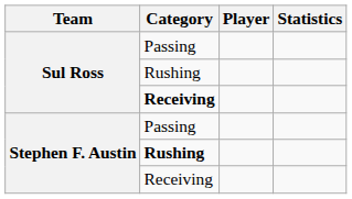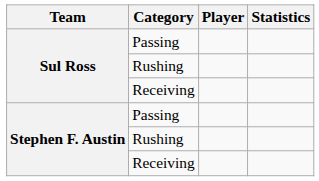 <table class="wikitable" style="float:right">
 <tr>
 <th>Team</th>
 <th>Category</th>
 <th>Player</th>
 <th>Statistics</th>
 </tr>
 <tr>
 <th rowspan=3>Sul Ross</th>
 <td>Passing</td>
 <td></td>
 <td></td>
 </tr>
 <tr>
 <td>Rushing</td>
 <td></td>
 <td></td>
 </tr>
 <tr>
-<td><strong>Receiving</strong></td>
+<td>Receiving</td>
 <td></td>
 <td></td>
 </tr>
 <tr>
 <th rowspan=3>Stephen F. Austin</th>
 <td>Passing</td>
 <td></td>
 <td></td>
 </tr>
 <tr>
-<td><strong>Rushing</strong></td>
+<td>Rushing</td>
 <td></td>
 <td></td>
 </tr>
 <tr>
 <td>Receiving</td>
 <td></td>
 <td></td>
 </tr>
 </table>
